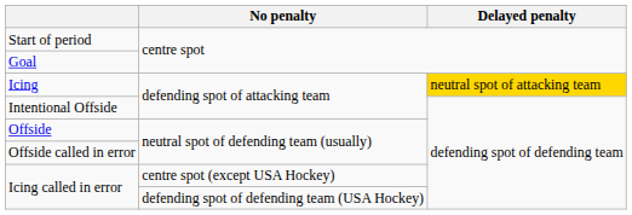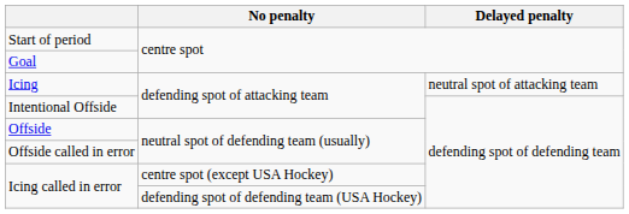 <table class="wikitable">
 <tr>
 <th></th>
 <th>No penalty</th>
 <th>Delayed penalty</th>
 </tr>
 <tr>
 <td>Start of period</td>
 <td rowspan="2" colspan="2">centre spot</td>
 </tr>
 <tr>
 <td><a href='#'>Goal</a></td>
 </tr>
 <tr>
 <td><a href='#'>Icing</a></td>
 <td rowspan="2">defending spot of attacking team</td>
-<td style="background: gold;">neutral spot of attacking team</td>
+<td>neutral spot of attacking team</td>
 </tr>
 <tr>
 <td>Intentional Offside</td>
 <td rowspan="5">defending spot of defending team</td>
 </tr>
 <tr>
 <td><a href='#'>Offside</a></td>
 <td rowspan="2">neutral spot of defending team (usually)</td>
 </tr>
 <tr>
 <td>Offside called in error</td>
 </tr>
 <tr>
 <td rowspan=2>Icing called in error</td>
 <td>centre spot (except USA Hockey)</td>
 </tr>
 <tr>
 <td>defending spot of defending team (USA Hockey)</td>
 </tr>
 </table>
